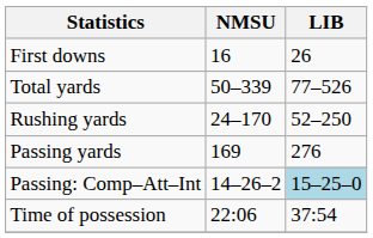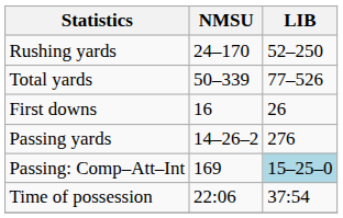 <table class="wikitable" style="float: left;">
 <tr>
 <th>Statistics</th>
 <th>NMSU</th>
 <th>LIB</th>
 </tr>
 <tr>
-<td>First downs</td>
-<td>16</td>
-<td>26</td>
+<td>Rushing yards</td>
+<td>24–170</td>
+<td>52–250</td>
 </tr>
 <tr>
 <td>Total yards</td>
 <td>50–339</td>
 <td>77–526</td>
 </tr>
 <tr>
-<td>Rushing yards</td>
-<td>24–170</td>
-<td>52–250</td>
+<td>First downs</td>
+<td>16</td>
+<td>26</td>
 </tr>
 <tr>
 <td>Passing yards</td>
-<td>169</td>
+<td>14–26–2</td>
 <td>276</td>
 </tr>
 <tr>
 <td>Passing: Comp–Att–Int</td>
-<td>14–26–2</td>
+<td>169</td>
 <td style="background: lightblue;">15–25–0</td>
 </tr>
 <tr>
 <td>Time of possession</td>
 <td>22:06</td>
 <td>37:54</td>
 </tr>
 <tr>
 </tr>
 </table>
